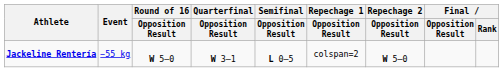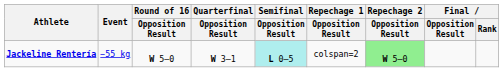 <table class="wikitable" style="font-size:90%">
 <tr>
 <th rowspan="2">Athlete</th>
 <th rowspan="2">Event</th>
 <th>Round of 16</th>
 <th>Quarterfinal</th>
 <th>Semifinal</th>
 <th>Repechage 1</th>
 <th>Repechage 2</th>
 <th colspan=2>Final / </th>
 </tr>
 <tr style="font-size: 95%">
 <th>Opposition<br>Result</th>
 <th>Opposition<br>Result</th>
 <th>Opposition<br>Result</th>
 <th>Opposition<br>Result</th>
 <th>Opposition<br>Result</th>
 <th>Opposition<br>Result</th>
 <th>Rank</th>
 </tr>
 <tr align=center>
 <td align=left><strong><a href='#'>Jackeline Rentería</a></strong></td>
 <td align=left><a href='#'>−55 kg</a></td>
 <td><br><strong>W</strong> 5–0 <sup></sup></td>
 <td><br><strong>W</strong> 3–1 <sup></sup></td>
-<td><br><strong>L</strong> 0–5 <sup></sup></td>
+<td style="background: paleturquoise;"><br><strong>L</strong> 0–5 <sup></sup></td>
 <td>colspan=2 </td>
-<td><br><strong>W</strong> 5–0 <sup></sup></td>
+<td style="background: lightgreen;"><br><strong>W</strong> 5–0 <sup></sup></td>
 <td></td>
 </tr>
 </table>
